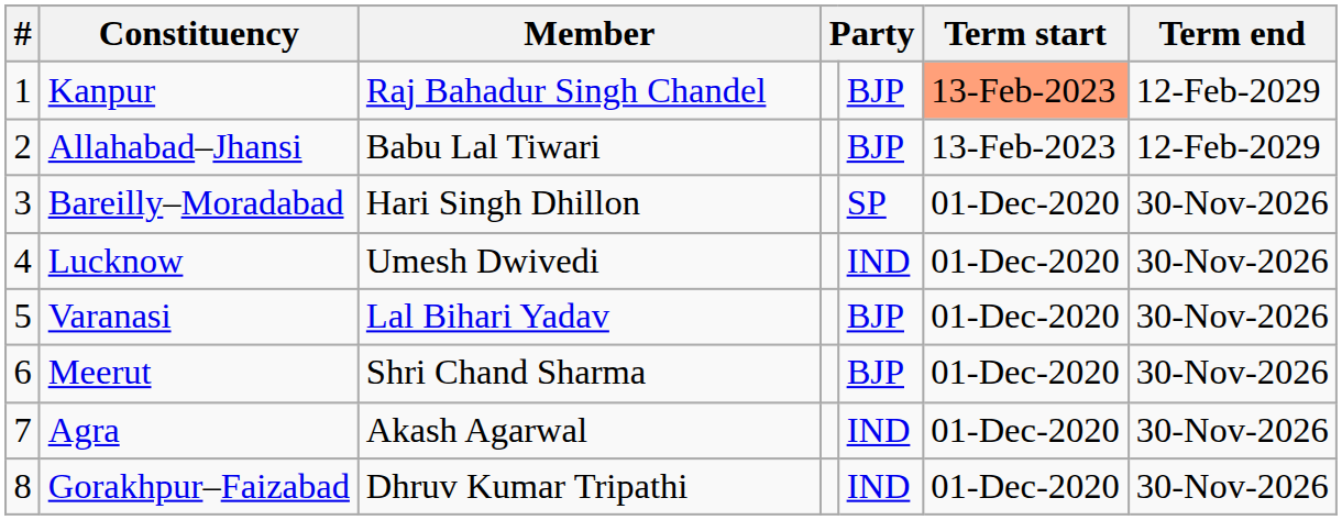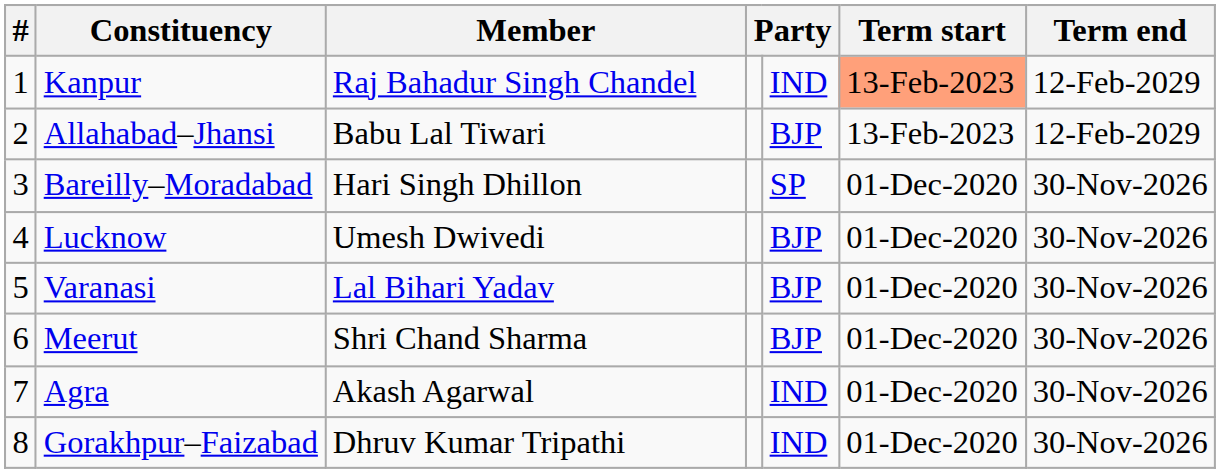 <table class="wikitable sortable">
 <tr>
 <th>#</th>
 <th>Constituency</th>
 <th style="width:200px">Member</th>
 <th colspan="2">Party</th>
 <th>Term start</th>
 <th>Term end</th>
 </tr>
 <tr>
 <td>1</td>
 <td><a href='#'>Kanpur</a></td>
 <td><a href='#'>Raj Bahadur Singh Chandel</a></td>
 <td></td>
-<td><a href='#'>BJP</a></td>
+<td><a href='#'>IND</a></td>
 <td style="background: lightsalmon;">13-Feb-2023</td>
 <td>12-Feb-2029</td>
 </tr>
 <tr>
 <td>2</td>
 <td><a href='#'>Allahabad</a>–<a href='#'>Jhansi</a></td>
 <td>Babu Lal Tiwari</td>
 <td></td>
 <td><a href='#'>BJP</a></td>
 <td>13-Feb-2023</td>
 <td>12-Feb-2029</td>
 </tr>
 <tr>
 <td>3</td>
 <td><a href='#'>Bareilly</a>–<a href='#'>Moradabad</a></td>
 <td>Hari Singh Dhillon</td>
 <td></td>
 <td><a href='#'>SP</a></td>
 <td>01-Dec-2020</td>
 <td>30-Nov-2026</td>
 </tr>
 <tr>
 <td>4</td>
 <td><a href='#'>Lucknow</a></td>
 <td>Umesh Dwivedi</td>
 <td></td>
-<td><a href='#'>IND</a></td>
+<td><a href='#'>BJP</a></td>
 <td>01-Dec-2020</td>
 <td>30-Nov-2026</td>
 </tr>
 <tr>
 <td>5</td>
 <td><a href='#'>Varanasi</a></td>
 <td><a href='#'>Lal Bihari Yadav</a></td>
 <td></td>
 <td><a href='#'>BJP</a></td>
 <td>01-Dec-2020</td>
 <td>30-Nov-2026</td>
 </tr>
 <tr>
 <td>6</td>
 <td><a href='#'>Meerut</a></td>
 <td>Shri Chand Sharma</td>
 <td></td>
 <td><a href='#'>BJP</a></td>
 <td>01-Dec-2020</td>
 <td>30-Nov-2026</td>
 </tr>
 <tr>
 <td>7</td>
 <td><a href='#'>Agra</a></td>
 <td>Akash Agarwal</td>
 <td></td>
 <td><a href='#'>IND</a></td>
 <td>01-Dec-2020</td>
 <td>30-Nov-2026</td>
 </tr>
 <tr>
 <td>8</td>
 <td><a href='#'>Gorakhpur</a>–<a href='#'>Faizabad</a></td>
 <td>Dhruv Kumar Tripathi</td>
 <td></td>
 <td><a href='#'>IND</a></td>
 <td>01-Dec-2020</td>
 <td>30-Nov-2026</td>
 </tr>
 </table>
